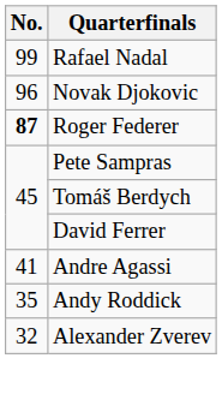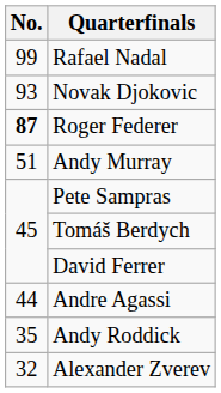 <table class="wikitable nowrap" style="display:inline-table">
 <tr>
 <th scope="col" style="width:20">No.</th>
 <th>Quarterfinals</th>
 </tr>
 <tr>
 <td style="text-align:center;">99</td>
 <td> Rafael Nadal</td>
 </tr>
 <tr>
-<td style="text-align:center;">96</td>
+<td style="text-align:center;">93</td>
 <td> Novak Djokovic</td>
 </tr>
 <tr>
 <td style="text-align:center;"><strong>87</strong></td>
 <td> Roger Federer</td>
+</tr>
+<tr>
+<td style="text-align:center;">51</td>
+<td> Andy Murray</td>
 </tr>
 <tr>
 <td rowspan="3" style="text-align:center;">45</td>
 <td> Pete Sampras</td>
 </tr>
 <tr>
 <td> Tomáš Berdych</td>
 </tr>
 <tr>
 <td> David Ferrer</td>
 </tr>
 <tr>
-<td style="text-align:center;">41</td>
+<td style="text-align:center;">44</td>
 <td> Andre Agassi</td>
 </tr>
 <tr>
 <td style="text-align:center;">35</td>
 <td> Andy Roddick</td>
 </tr>
 <tr>
 <td style="text-align:center;">32</td>
 <td> Alexander Zverev</td>
 </tr>
 </table>
